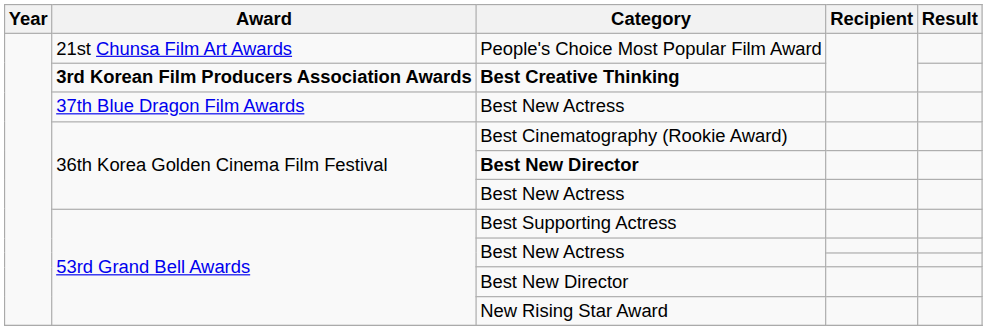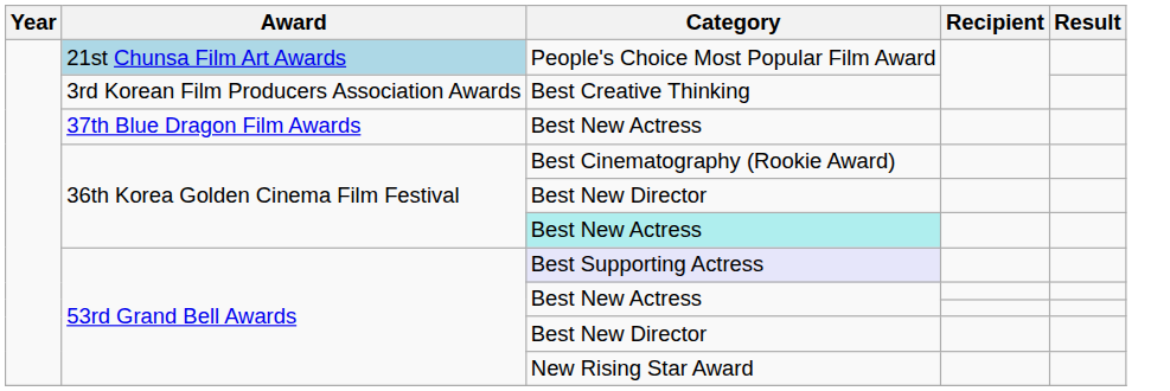 <table class="wikitable">
 <tr>
 <th>Year</th>
 <th>Award</th>
 <th>Category</th>
 <th>Recipient</th>
 <th>Result</th>
 </tr>
 <tr>
 <td rowspan="11"></td>
-<td>21st <a href='#'>Chunsa Film Art Awards</a></td>
+<td style="background: lightblue;">21st <a href='#'>Chunsa Film Art Awards</a></td>
 <td>People's Choice Most Popular Film Award</td>
 <td rowspan="2"></td>
 <td></td>
 </tr>
 <tr>
-<td><strong>3rd Korean Film Producers Association Awards</strong></td>
-<td><strong>Best Creative Thinking</strong></td>
+<td>3rd Korean Film Producers Association Awards</td>
+<td>Best Creative Thinking</td>
 <td></td>
 </tr>
 <tr>
 <td><a href='#'>37th Blue Dragon Film Awards</a></td>
 <td>Best New Actress</td>
 <td></td>
 <td></td>
 </tr>
 <tr>
 <td rowspan="3">36th Korea Golden Cinema Film Festival</td>
 <td>Best Cinematography (Rookie Award)</td>
 <td></td>
 <td></td>
 </tr>
 <tr>
-<td><strong>Best New Director</strong></td>
+<td>Best New Director</td>
 <td></td>
 <td></td>
 </tr>
 <tr>
-<td>Best New Actress</td>
+<td style="background: paleturquoise;">Best New Actress</td>
 <td></td>
 <td></td>
 </tr>
 <tr>
 <td rowspan="5"><a href='#'>53rd Grand Bell Awards</a></td>
-<td>Best Supporting Actress</td>
+<td style="background: lavender;">Best Supporting Actress</td>
 <td></td>
 <td></td>
 </tr>
 <tr>
 <td rowspan="2">Best New Actress</td>
 <td></td>
 <td></td>
 </tr>
 <tr>
 <td></td>
 <td></td>
 </tr>
 <tr>
 <td>Best New Director</td>
 <td></td>
 <td></td>
 </tr>
 <tr>
 <td>New Rising Star Award</td>
 <td></td>
 <td></td>
 </tr>
 <tr>
 </tr>
 </table>
